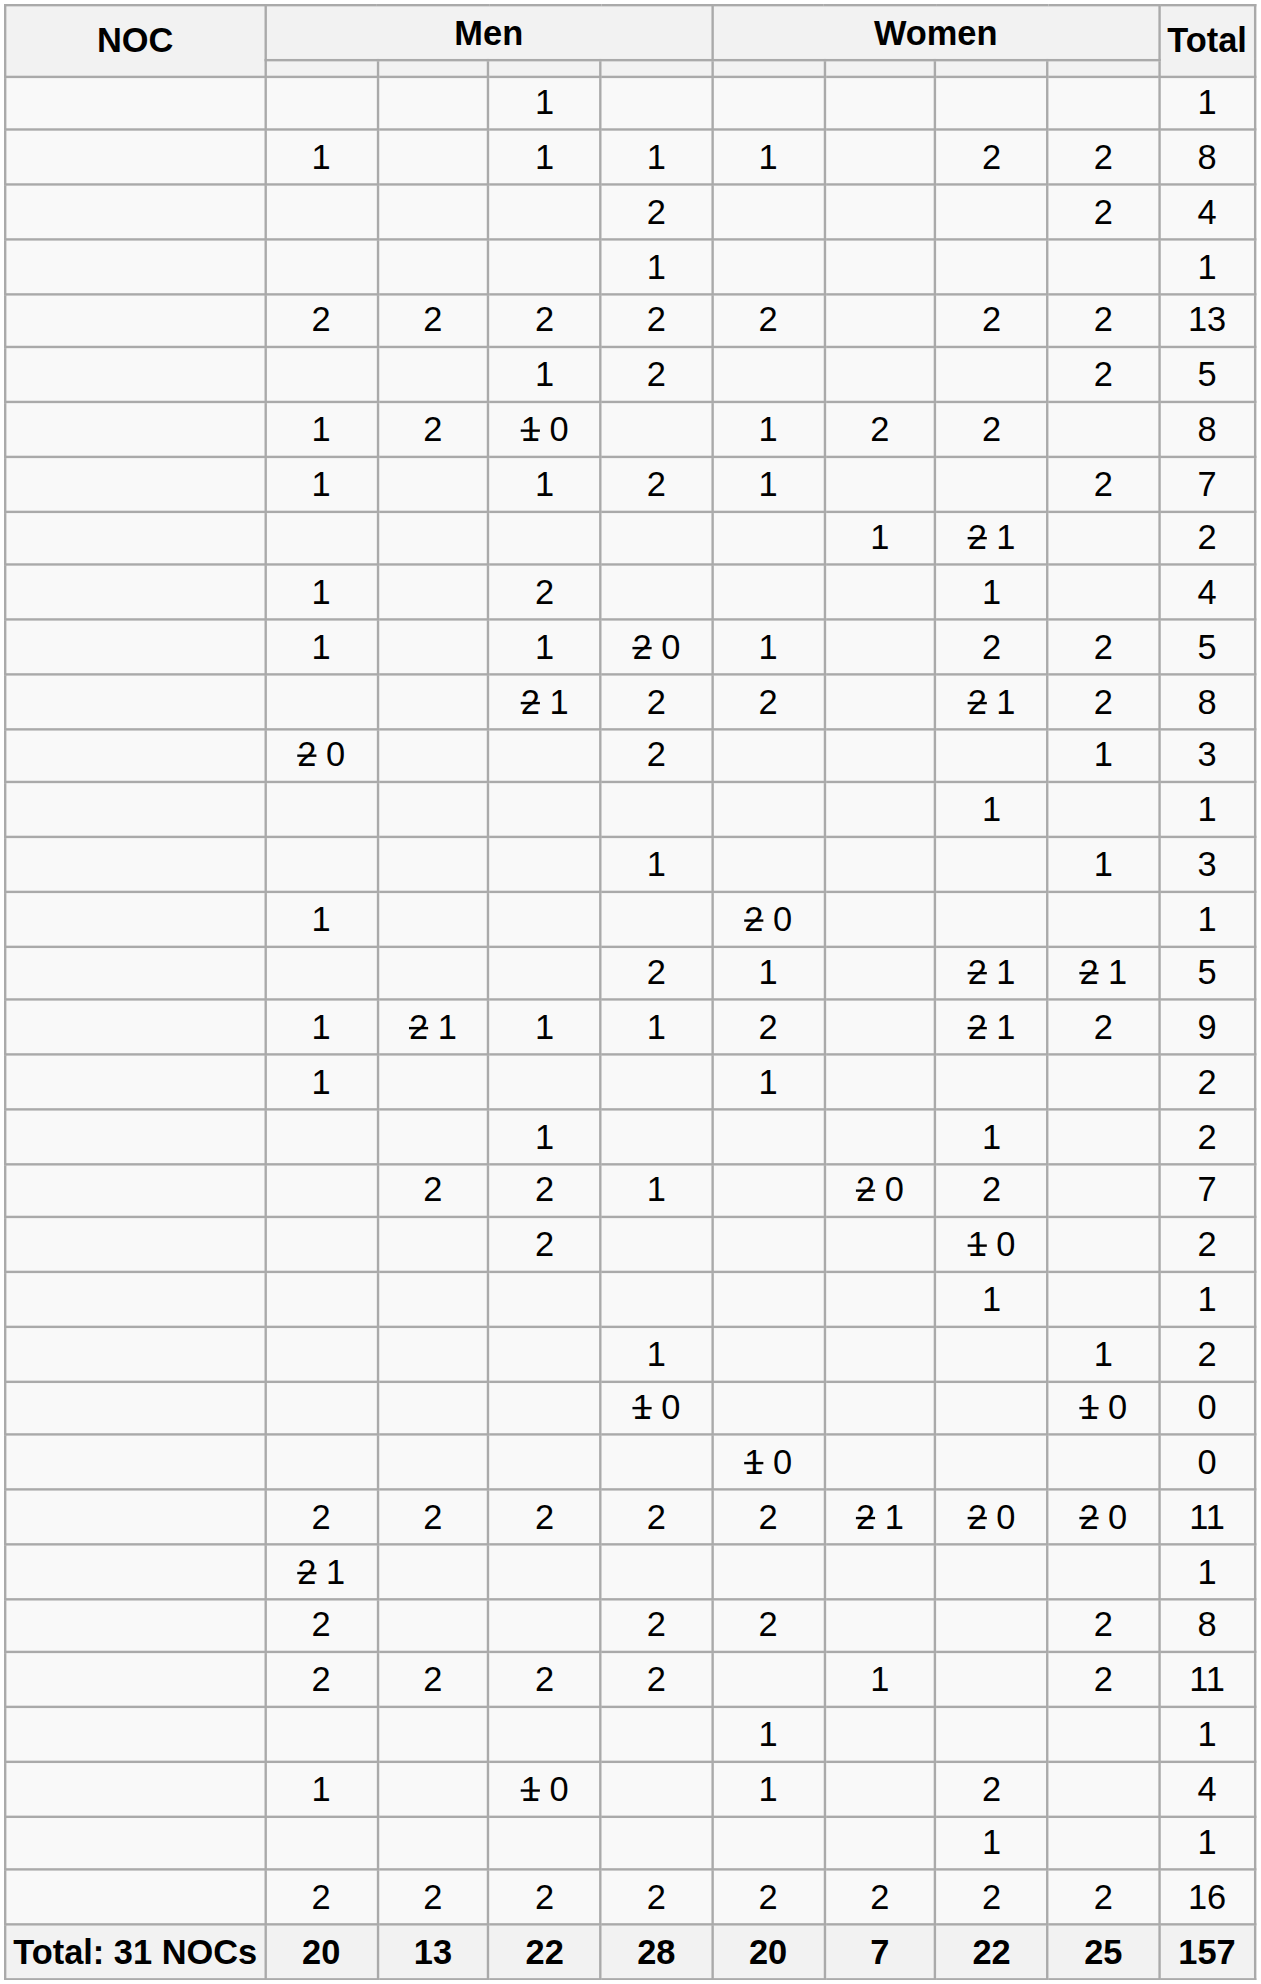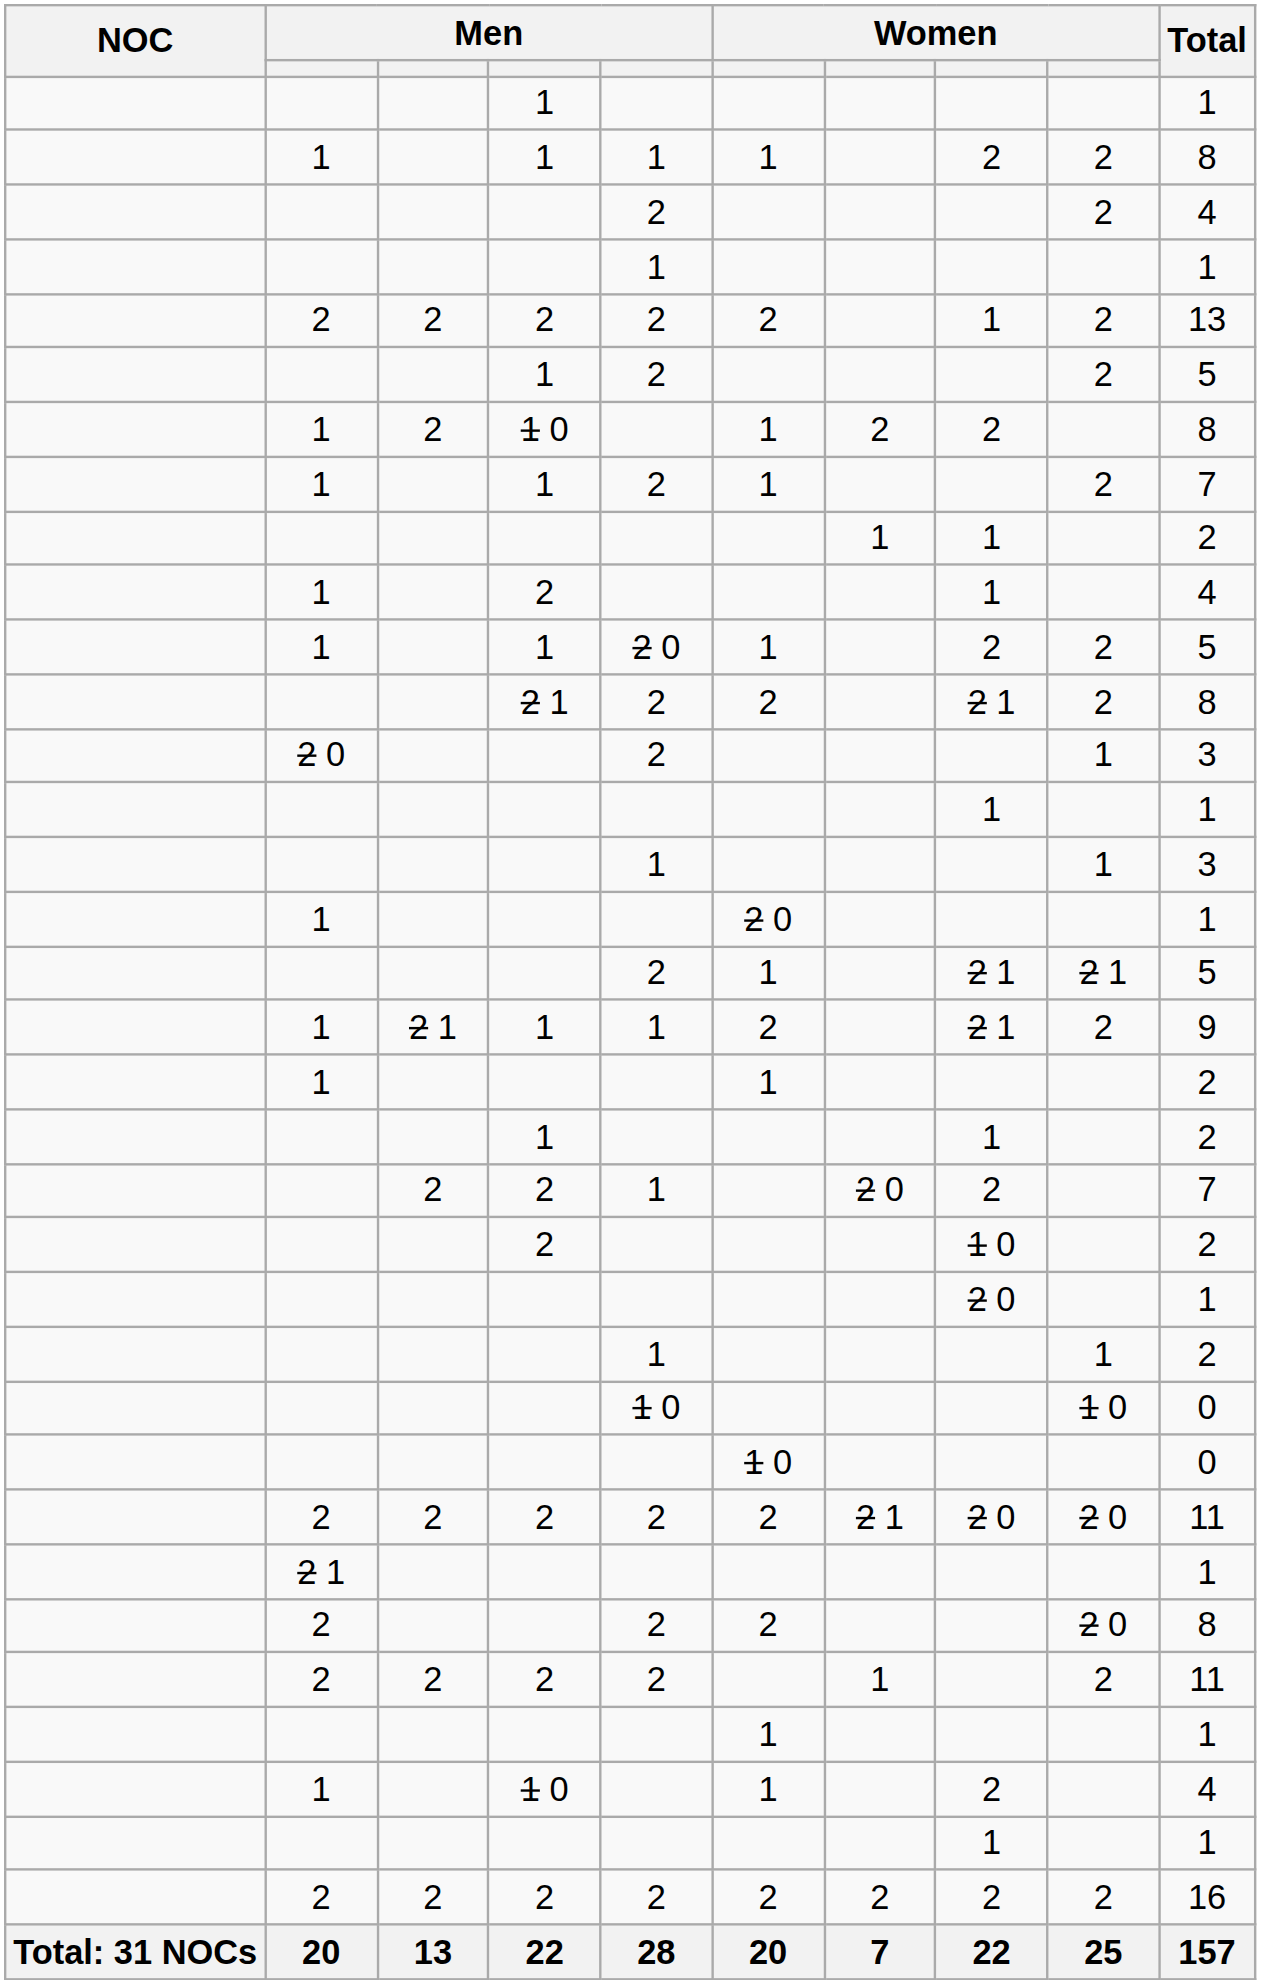 <table class="wikitable sortable" style="text-align:center; font-size:90%">
 <tr>
 <th rowspan="2" align="center">NOC</th>
 <th colspan="4">Men</th>
 <th colspan="4">Women</th>
 <th rowspan="2">Total</th>
 </tr>
 <tr>
 <th width=40></th>
 <th width=40></th>
 <th width=40></th>
 <th width=40></th>
 <th width=40></th>
 <th width=40></th>
 <th width=40></th>
 <th width=40></th>
 </tr>
 <tr>
 <td align=left></td>
 <td></td>
 <td></td>
 <td>1</td>
 <td></td>
 <td></td>
 <td></td>
 <td></td>
 <td></td>
 <td>1</td>
 </tr>
 <tr>
 <td align=left></td>
 <td>1</td>
 <td></td>
 <td>1</td>
 <td>1</td>
 <td>1</td>
 <td></td>
 <td>2</td>
 <td>2</td>
 <td>8</td>
 </tr>
 <tr>
 <td align=left></td>
 <td></td>
 <td></td>
 <td></td>
 <td>2</td>
 <td></td>
 <td></td>
 <td></td>
 <td>2</td>
 <td>4</td>
 </tr>
 <tr>
 <td align=left></td>
 <td></td>
 <td></td>
 <td></td>
 <td>1</td>
 <td></td>
 <td></td>
 <td></td>
 <td></td>
 <td>1</td>
 </tr>
 <tr>
 <td align=left></td>
 <td>2</td>
 <td>2</td>
 <td>2</td>
 <td>2</td>
 <td>2</td>
 <td></td>
-<td>2</td>
+<td>1</td>
 <td>2</td>
 <td>13</td>
 </tr>
 <tr>
 <td align=left></td>
 <td></td>
 <td></td>
 <td>1</td>
 <td>2</td>
 <td></td>
 <td></td>
 <td></td>
 <td>2</td>
 <td>5</td>
 </tr>
 <tr>
 <td align=left></td>
 <td>1</td>
 <td>2</td>
 <td><s>1</s> 0</td>
 <td></td>
 <td>1</td>
 <td>2</td>
 <td>2</td>
 <td></td>
 <td>8</td>
 </tr>
 <tr>
 <td align=left></td>
 <td>1</td>
 <td></td>
 <td>1</td>
 <td>2</td>
 <td>1</td>
 <td></td>
 <td></td>
 <td>2</td>
 <td>7</td>
 </tr>
 <tr>
 <td align=left></td>
 <td></td>
 <td></td>
 <td></td>
 <td></td>
 <td></td>
 <td>1</td>
-<td><s>2</s> 1</td>
+<td>1</td>
 <td></td>
 <td>2</td>
 </tr>
 <tr>
 <td align=left></td>
 <td>1</td>
 <td></td>
 <td>2</td>
 <td></td>
 <td></td>
 <td></td>
 <td>1</td>
 <td></td>
 <td>4</td>
 </tr>
 <tr>
 <td align=left></td>
 <td>1</td>
 <td></td>
 <td>1</td>
 <td><s>2</s> 0</td>
 <td>1</td>
 <td></td>
 <td>2</td>
 <td>2</td>
 <td>5</td>
 </tr>
 <tr>
 <td align=left></td>
 <td></td>
 <td></td>
 <td><s>2</s> 1</td>
 <td>2</td>
 <td>2</td>
 <td></td>
 <td><s>2</s> 1</td>
 <td>2</td>
 <td>8</td>
 </tr>
 <tr>
 <td align=left></td>
 <td><s>2</s> 0</td>
 <td></td>
 <td></td>
 <td>2</td>
 <td></td>
 <td></td>
 <td></td>
 <td>1</td>
 <td>3</td>
 </tr>
 <tr>
 <td align=left></td>
 <td></td>
 <td></td>
 <td></td>
 <td></td>
 <td></td>
 <td></td>
 <td>1</td>
 <td></td>
 <td>1</td>
 </tr>
 <tr>
 <td align=left></td>
 <td></td>
 <td></td>
 <td></td>
 <td>1</td>
 <td></td>
 <td></td>
 <td></td>
 <td>1</td>
 <td>3</td>
 </tr>
 <tr>
 <td align=left></td>
 <td>1</td>
 <td></td>
 <td></td>
 <td></td>
 <td><s>2</s> 0</td>
 <td></td>
 <td></td>
 <td></td>
 <td>1</td>
 </tr>
 <tr>
 <td align=left></td>
 <td></td>
 <td></td>
 <td></td>
 <td>2</td>
 <td>1</td>
 <td></td>
 <td><s>2</s> 1</td>
 <td><s>2</s> 1</td>
 <td>5</td>
 </tr>
 <tr>
 <td align=left></td>
 <td>1</td>
 <td><s>2</s> 1</td>
 <td>1</td>
 <td>1</td>
 <td>2</td>
 <td></td>
 <td><s>2</s> 1</td>
 <td>2</td>
 <td>9</td>
 </tr>
 <tr>
 <td align=left></td>
 <td>1</td>
 <td></td>
 <td></td>
 <td></td>
 <td>1</td>
 <td></td>
 <td></td>
 <td></td>
 <td>2</td>
 </tr>
 <tr>
 <td align=left></td>
 <td></td>
 <td></td>
 <td>1</td>
 <td></td>
 <td></td>
 <td></td>
 <td>1</td>
 <td></td>
 <td>2</td>
 </tr>
 <tr>
 <td align=left></td>
 <td></td>
 <td>2</td>
 <td>2</td>
 <td>1</td>
 <td></td>
 <td><s>2</s> 0</td>
 <td>2</td>
 <td></td>
 <td>7</td>
 </tr>
 <tr>
 <td align=left></td>
 <td></td>
 <td></td>
 <td>2</td>
 <td></td>
 <td></td>
 <td></td>
 <td><s>1</s> 0</td>
 <td></td>
 <td>2</td>
 </tr>
 <tr>
 <td align=left></td>
 <td></td>
 <td></td>
 <td></td>
 <td></td>
 <td></td>
 <td></td>
-<td>1</td>
+<td><s>2</s> 0</td>
 <td></td>
 <td>1</td>
 </tr>
 <tr>
 <td align=left></td>
 <td></td>
 <td></td>
 <td></td>
 <td>1</td>
 <td></td>
 <td></td>
 <td></td>
 <td>1</td>
 <td>2</td>
 </tr>
 <tr>
 <td align=left></td>
 <td></td>
 <td></td>
 <td></td>
 <td><s>1</s> 0</td>
 <td></td>
 <td></td>
 <td></td>
 <td><s>1</s> 0</td>
 <td>0</td>
 </tr>
 <tr>
 <td align=left></td>
 <td></td>
 <td></td>
 <td></td>
 <td></td>
 <td><s>1</s> 0</td>
 <td></td>
 <td></td>
 <td></td>
 <td>0</td>
 </tr>
 <tr>
 <td align=left></td>
 <td>2</td>
 <td>2</td>
 <td>2</td>
 <td>2</td>
 <td>2</td>
 <td><s>2</s> 1</td>
 <td><s>2</s> 0</td>
 <td><s>2</s> 0</td>
 <td>11</td>
 </tr>
 <tr>
 <td align=left></td>
 <td><s>2</s> 1</td>
 <td></td>
 <td></td>
 <td></td>
 <td></td>
 <td></td>
 <td></td>
 <td></td>
 <td>1</td>
 </tr>
 <tr>
 <td align=left></td>
 <td>2</td>
 <td></td>
 <td></td>
 <td>2</td>
 <td>2</td>
 <td></td>
 <td></td>
-<td>2</td>
+<td><s>2</s> 0</td>
 <td>8</td>
 </tr>
 <tr>
 <td align=left></td>
 <td>2</td>
 <td>2</td>
 <td>2</td>
 <td>2</td>
 <td></td>
 <td>1</td>
 <td></td>
 <td>2</td>
 <td>11</td>
 </tr>
 <tr>
 <td align=left></td>
 <td></td>
 <td></td>
 <td></td>
 <td></td>
 <td>1</td>
 <td></td>
 <td></td>
 <td></td>
 <td>1</td>
 </tr>
 <tr>
 <td align=left></td>
 <td>1</td>
 <td></td>
 <td><s>1</s> 0</td>
 <td></td>
 <td>1</td>
 <td></td>
 <td>2</td>
 <td></td>
 <td>4</td>
 </tr>
 <tr>
 <td align=left></td>
 <td></td>
 <td></td>
 <td></td>
 <td></td>
 <td></td>
 <td></td>
 <td>1</td>
 <td></td>
 <td>1</td>
 </tr>
 <tr>
 <td align=left></td>
 <td>2</td>
 <td>2</td>
 <td>2</td>
 <td>2</td>
 <td>2</td>
 <td>2</td>
 <td>2</td>
 <td>2</td>
 <td>16</td>
 </tr>
 <tr>
 <th>Total: 31 NOCs</th>
 <th>20</th>
 <th>13</th>
 <th>22</th>
 <th>28</th>
 <th>20</th>
 <th>7</th>
 <th>22</th>
 <th>25</th>
 <th>157</th>
 </tr>
 </table>
